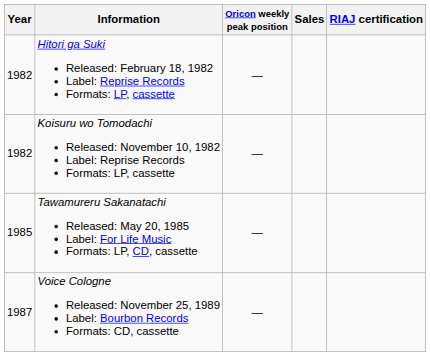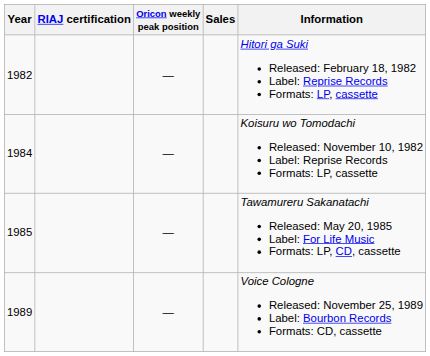 <table class="wikitable">
 <tr>
 <th>Year</th>
-<th>Information</th>
+<th><a href='#'>RIAJ</a> certification</th>
 <th><small><a href='#'>Oricon</a> weekly<br>peak position</small></th>
 <th>Sales<br></th>
-<th><a href='#'>RIAJ</a> certification</th>
+<th>Information</th>
 </tr>
 <tr>
 <td>1982</td>
-<td><em><a href='#'>Hitori ga Suki</a></em><br><ul><li>Released: February 18, 1982</li><li>Label: <a href='#'>Reprise Records</a></li><li>Formats: <a href='#'>LP</a>, <a href='#'>cassette</a></li></ul></td>
+<td align="left"></td>
 <td style="text-align:center;">—</td>
 <td align="left"></td>
-<td align="left"></td>
+<td><em><a href='#'>Hitori ga Suki</a></em><br><ul><li>Released: February 18, 1982</li><li>Label: <a href='#'>Reprise Records</a></li><li>Formats: <a href='#'>LP</a>, <a href='#'>cassette</a></li></ul></td>
 </tr>
 <tr>
-<td>1982</td>
-<td><em>Koisuru wo Tomodachi</em><br><ul><li>Released: November 10, 1982</li><li>Label: Reprise Records</li><li>Formats: LP, cassette</li></ul></td>
+<td>1984</td>
+<td align="left"></td>
 <td style="text-align:center;">—</td>
 <td align="left"></td>
-<td align="left"></td>
+<td><em>Koisuru wo Tomodachi</em><br><ul><li>Released: November 10, 1982</li><li>Label: Reprise Records</li><li>Formats: LP, cassette</li></ul></td>
 </tr>
 <tr>
 <td>1985</td>
-<td><em>Tawamureru Sakanatachi</em><br><ul><li>Released: May 20, 1985</li><li>Label: <a href='#'>For Life Music</a></li><li>Formats: LP, <a href='#'>CD</a>, cassette</li></ul></td>
+<td align="left"></td>
 <td style="text-align:center;">—</td>
 <td align="left"></td>
-<td align="left"></td>
+<td><em>Tawamureru Sakanatachi</em><br><ul><li>Released: May 20, 1985</li><li>Label: <a href='#'>For Life Music</a></li><li>Formats: LP, <a href='#'>CD</a>, cassette</li></ul></td>
 </tr>
 <tr>
-<td>1987</td>
-<td><em>Voice Cologne</em><br><ul><li>Released: November 25, 1989</li><li>Label: <a href='#'>Bourbon Records</a></li><li>Formats: CD, cassette</li></ul></td>
+<td>1989</td>
+<td align="left"></td>
 <td style="text-align:center;">—</td>
 <td align="left"></td>
-<td align="left"></td>
+<td><em>Voice Cologne</em><br><ul><li>Released: November 25, 1989</li><li>Label: <a href='#'>Bourbon Records</a></li><li>Formats: CD, cassette</li></ul></td>
 </tr>
 </table>
